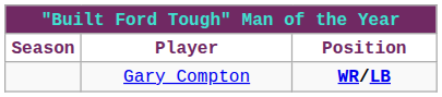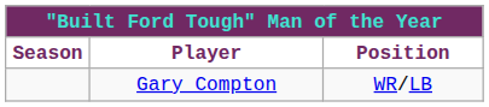 <table class="wikitable sortable" style="text-align:center">
 <tr>
 <td colspan="4" style="background:#702963; color:#40E0D0;"><strong>"Built Ford Tough" Man of the Year</strong></td>
 </tr>
 <tr>
 <th style="width:50px; background:white; color:#702963;">Season</th>
 <th style="width:150px; background:white; color:#702963;">Player</th>
 <th style="width:100px; background:white; color:#702963;">Position</th>
 </tr>
 <tr>
 <td></td>
 <td><a href='#'>Gary Compton</a></td>
-<td><strong><a href='#'>WR</a>/<a href='#'>LB</a></strong></td>
+<td><a href='#'>WR</a>/<a href='#'>LB</a></td>
 </tr>
 </table>
